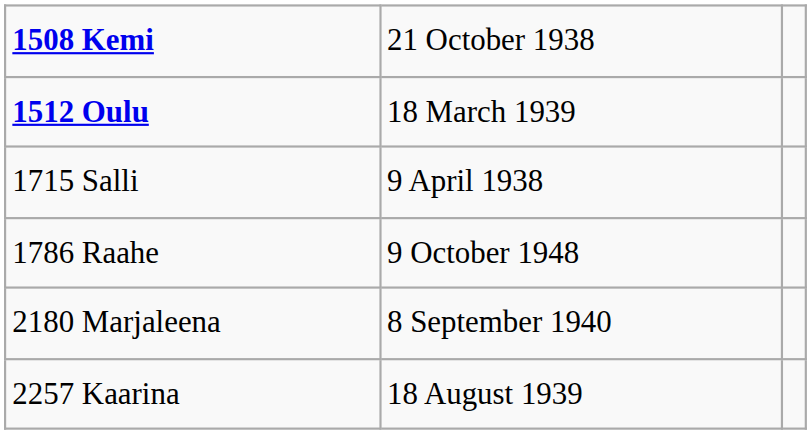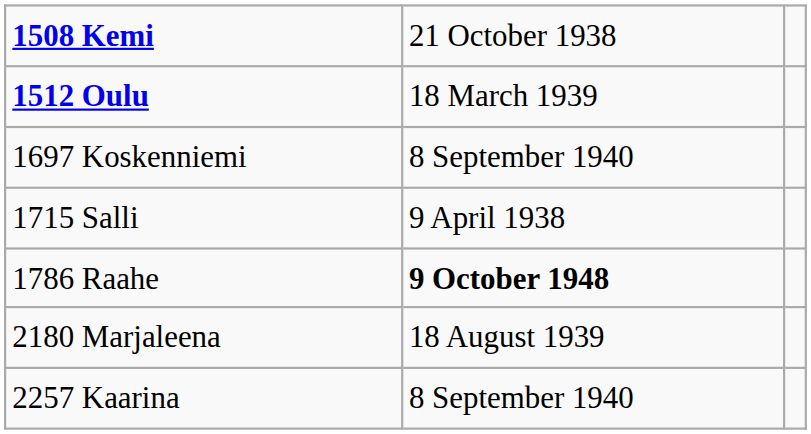 <table class="wikitable" style="font-size: 89%; float: left; width: 26em; margin-right: 1em; height: 196px;">
 <tr>
 <td><strong><a href='#'>1508 Kemi</a></strong></td>
 <td>21 October 1938</td>
 <td></td>
 </tr>
 <tr>
 <td><strong><a href='#'>1512 Oulu</a></strong></td>
 <td>18 March 1939</td>
 <td></td>
 </tr>
 <tr>
+<td>1697 Koskenniemi</td>
+<td>8 September 1940</td>
+<td></td>
+</tr>
+<tr>
 <td>1715 Salli</td>
 <td>9 April 1938</td>
 <td></td>
 </tr>
 <tr>
 <td>1786 Raahe</td>
-<td>9 October 1948</td>
+<td><strong>9 October 1948</strong></td>
 <td></td>
 </tr>
 <tr>
 <td>2180 Marjaleena</td>
-<td>8 September 1940</td>
+<td>18 August 1939</td>
 <td></td>
 </tr>
 <tr>
 <td>2257 Kaarina</td>
-<td>18 August 1939</td>
+<td>8 September 1940</td>
 <td></td>
 </tr>
 </table>
